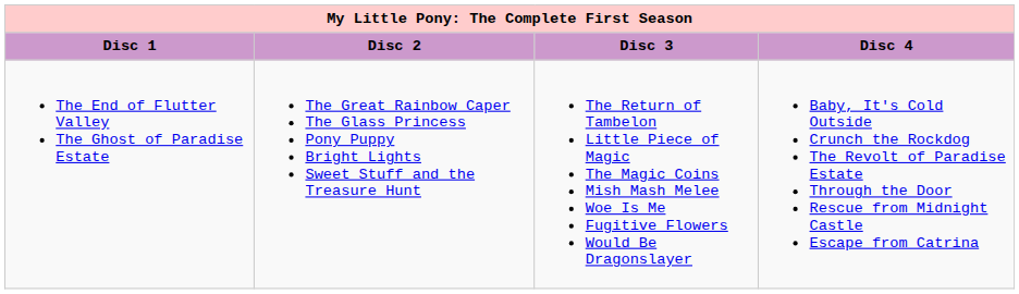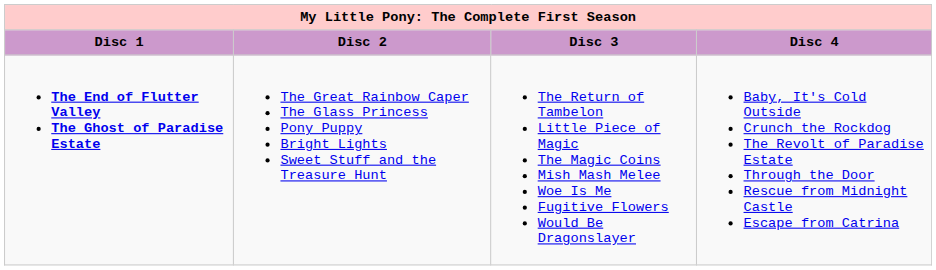 <table border="1" cellpadding="4" cellspacing="1" style="background:#f9f9f9; border:solid 1px #ccc; border-collapse:collapse;">
 <tr style="background:#fcc;">
 <th colspan="4">My Little Pony: The Complete First Season</th>
 </tr>
 <tr style="background:#c9c;">
 <th>Disc 1</th>
 <th>Disc 2</th>
 <th>Disc 3</th>
 <th>Disc 4</th>
 </tr>
 <tr valign="top">
-<td><br><ul><li><a href='#'>The End of Flutter Valley</a></li><li><a href='#'>The Ghost of Paradise Estate</a></li></ul></td>
+<td><strong><br><ul><li><a href='#'>The End of Flutter Valley</a></li><li><a href='#'>The Ghost of Paradise Estate</a></li></ul></strong></td>
 <td><br><ul><li><a href='#'>The Great Rainbow Caper</a></li><li><a href='#'>The Glass Princess</a></li><li><a href='#'>Pony Puppy</a></li><li><a href='#'>Bright Lights</a></li><li><a href='#'>Sweet Stuff and the Treasure Hunt</a></li></ul></td>
 <td><br><ul><li><a href='#'>The Return of Tambelon</a></li><li><a href='#'>Little Piece of Magic</a></li><li><a href='#'>The Magic Coins</a></li><li><a href='#'>Mish Mash Melee</a></li><li><a href='#'>Woe Is Me</a></li><li><a href='#'>Fugitive Flowers</a></li><li><a href='#'>Would Be Dragonslayer</a></li></ul></td>
 <td><br><ul><li><a href='#'>Baby, It's Cold Outside</a></li><li><a href='#'>Crunch the Rockdog</a></li><li><a href='#'>The Revolt of Paradise Estate</a></li><li><a href='#'>Through the Door</a></li><li><a href='#'>Rescue from Midnight Castle</a></li><li><a href='#'>Escape from Catrina</a></li></ul></td>
 </tr>
 </table>
